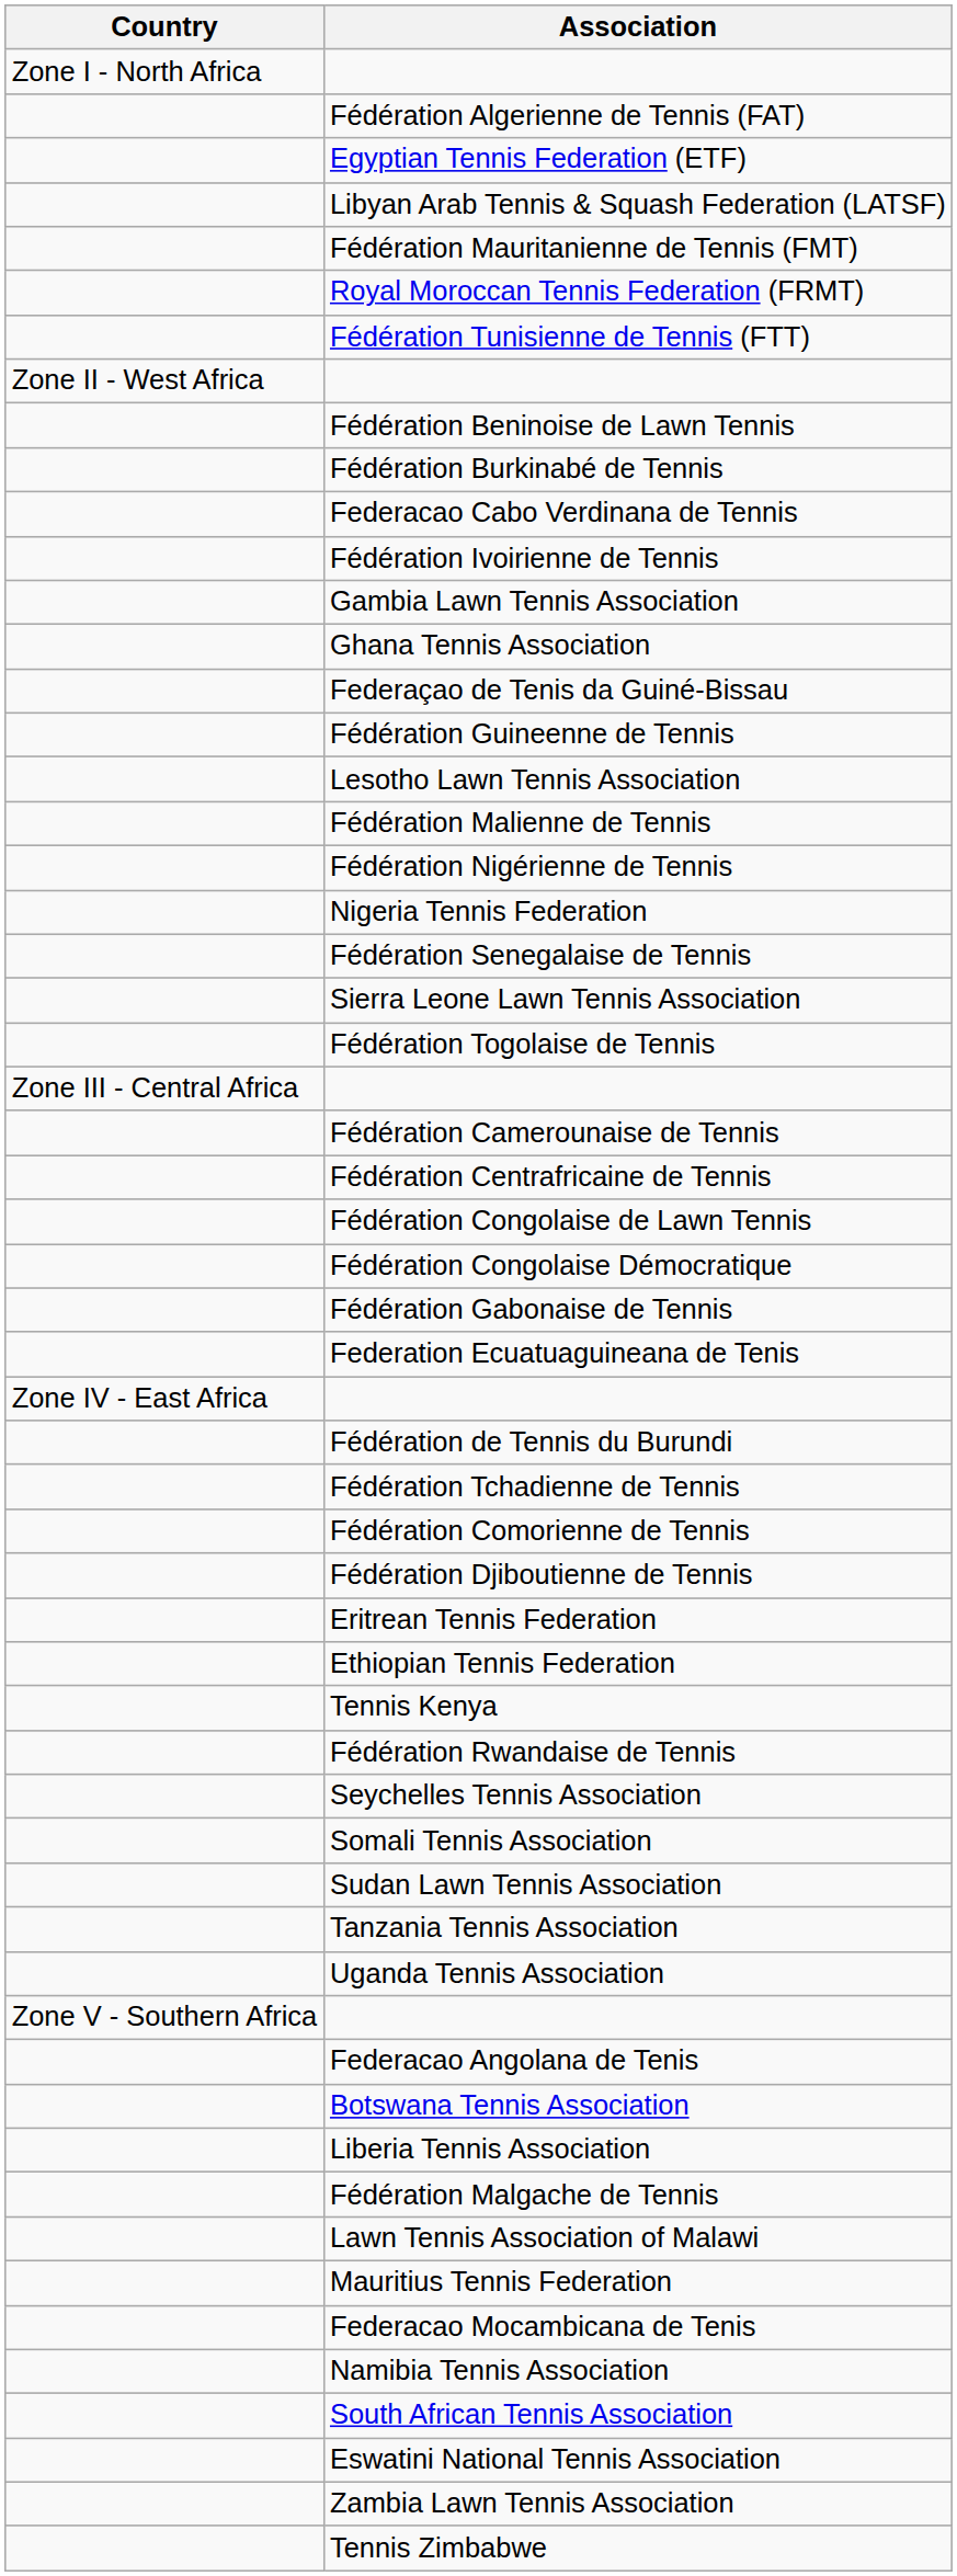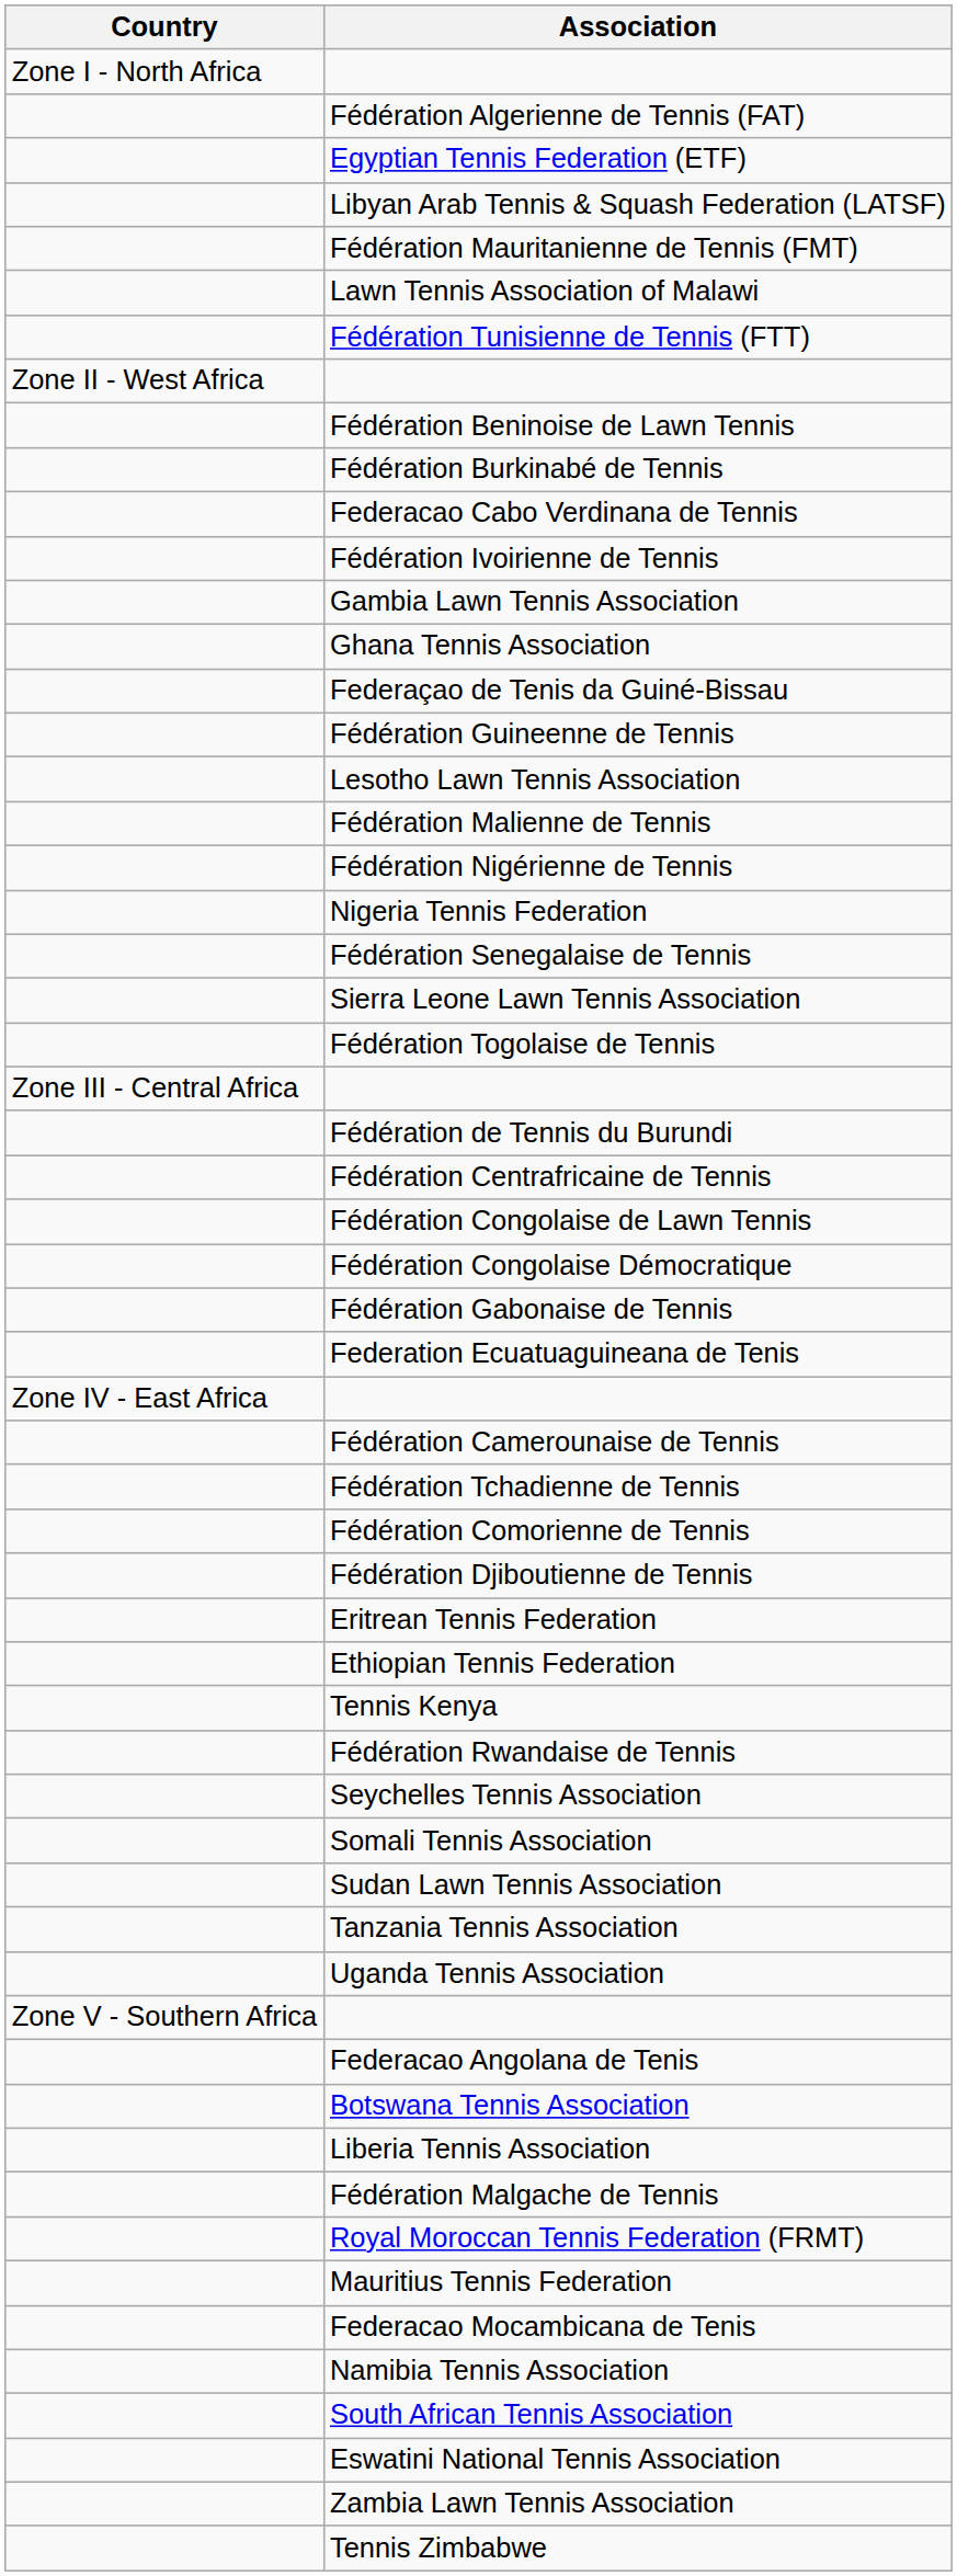 <table class="wikitable">
 <tr>
 <th>Country</th>
 <th>Association</th>
 </tr>
 <tr>
 <td>Zone I - North Africa</td>
 <td></td>
 </tr>
 <tr>
 <td></td>
 <td>Fédération Algerienne de Tennis (FAT)</td>
 </tr>
 <tr>
 <td></td>
 <td><a href='#'>Egyptian Tennis Federation</a> (ETF)</td>
 </tr>
 <tr>
 <td></td>
 <td>Libyan Arab Tennis & Squash Federation (LATSF)</td>
 </tr>
 <tr>
 <td></td>
 <td>Fédération Mauritanienne de Tennis (FMT)</td>
 </tr>
 <tr>
 <td></td>
-<td><a href='#'>Royal Moroccan Tennis Federation</a> (FRMT)</td>
+<td>Lawn Tennis Association of Malawi</td>
 </tr>
 <tr>
 <td></td>
 <td><a href='#'>Fédération Tunisienne de Tennis</a> (FTT)</td>
 </tr>
 <tr>
 <td>Zone II - West Africa</td>
 <td></td>
 </tr>
 <tr>
 <td></td>
 <td>Fédération Beninoise de Lawn Tennis</td>
 </tr>
 <tr>
 <td></td>
 <td>Fédération Burkinabé de Tennis</td>
 </tr>
 <tr>
 <td></td>
 <td>Federacao Cabo Verdinana de Tennis</td>
 </tr>
 <tr>
 <td></td>
 <td>Fédération Ivoirienne de Tennis</td>
 </tr>
 <tr>
 <td></td>
 <td>Gambia Lawn Tennis Association</td>
 </tr>
 <tr>
 <td></td>
 <td>Ghana Tennis Association</td>
 </tr>
 <tr>
 <td></td>
 <td>Federaçao de Tenis da Guiné-Bissau</td>
 </tr>
 <tr>
 <td></td>
 <td>Fédération Guineenne de Tennis</td>
 </tr>
 <tr>
 <td></td>
 <td>Lesotho Lawn Tennis Association</td>
 </tr>
 <tr>
 <td></td>
 <td>Fédération Malienne de Tennis</td>
 </tr>
 <tr>
 <td></td>
 <td>Fédération Nigérienne de Tennis</td>
 </tr>
 <tr>
 <td></td>
 <td>Nigeria Tennis Federation</td>
 </tr>
 <tr>
 <td></td>
 <td>Fédération Senegalaise de Tennis</td>
 </tr>
 <tr>
 <td></td>
 <td>Sierra Leone Lawn Tennis Association</td>
 </tr>
 <tr>
 <td></td>
 <td>Fédération Togolaise de Tennis</td>
 </tr>
 <tr>
 <td>Zone III - Central Africa</td>
 <td></td>
 </tr>
 <tr>
 <td></td>
-<td>Fédération Camerounaise de Tennis</td>
+<td>Fédération de Tennis du Burundi</td>
 </tr>
 <tr>
 <td></td>
 <td>Fédération Centrafricaine de Tennis</td>
 </tr>
 <tr>
 <td></td>
 <td>Fédération Congolaise de Lawn Tennis</td>
 </tr>
 <tr>
 <td></td>
 <td>Fédération Congolaise Démocratique</td>
 </tr>
 <tr>
 <td></td>
 <td>Fédération Gabonaise de Tennis</td>
 </tr>
 <tr>
 <td></td>
 <td>Federation Ecuatuaguineana de Tenis</td>
 </tr>
 <tr>
 <td>Zone IV - East Africa</td>
 <td></td>
 </tr>
 <tr>
 <td></td>
-<td>Fédération de Tennis du Burundi</td>
+<td>Fédération Camerounaise de Tennis</td>
 </tr>
 <tr>
 <td></td>
 <td>Fédération Tchadienne de Tennis</td>
 </tr>
 <tr>
 <td></td>
 <td>Fédération Comorienne de Tennis</td>
 </tr>
 <tr>
 <td></td>
 <td>Fédération Djiboutienne de Tennis</td>
 </tr>
 <tr>
 <td></td>
 <td>Eritrean Tennis Federation</td>
 </tr>
 <tr>
 <td></td>
 <td>Ethiopian Tennis Federation</td>
 </tr>
 <tr>
 <td></td>
 <td>Tennis Kenya</td>
 </tr>
 <tr>
 <td></td>
 <td>Fédération Rwandaise de Tennis</td>
 </tr>
 <tr>
 <td></td>
 <td>Seychelles Tennis Association</td>
 </tr>
 <tr>
 <td></td>
 <td>Somali Tennis Association</td>
 </tr>
 <tr>
 <td></td>
 <td>Sudan Lawn Tennis Association</td>
 </tr>
 <tr>
 <td></td>
 <td>Tanzania Tennis Association</td>
 </tr>
 <tr>
 <td></td>
 <td>Uganda Tennis Association</td>
 </tr>
 <tr>
 <td>Zone V - Southern Africa</td>
 <td></td>
 </tr>
 <tr>
 <td></td>
 <td>Federacao Angolana de Tenis</td>
 </tr>
 <tr>
 <td></td>
 <td><a href='#'>Botswana Tennis Association</a></td>
 </tr>
 <tr>
 <td></td>
 <td>Liberia Tennis Association</td>
 </tr>
 <tr>
 <td></td>
 <td>Fédération Malgache de Tennis</td>
 </tr>
 <tr>
 <td></td>
-<td>Lawn Tennis Association of Malawi</td>
+<td><a href='#'>Royal Moroccan Tennis Federation</a> (FRMT)</td>
 </tr>
 <tr>
 <td></td>
 <td>Mauritius Tennis Federation</td>
 </tr>
 <tr>
 <td></td>
 <td>Federacao Mocambicana de Tenis</td>
 </tr>
 <tr>
 <td></td>
 <td>Namibia Tennis Association</td>
 </tr>
 <tr>
 <td></td>
 <td><a href='#'>South African Tennis Association</a></td>
 </tr>
 <tr>
 <td></td>
 <td>Eswatini National Tennis Association</td>
 </tr>
 <tr>
 <td></td>
 <td>Zambia Lawn Tennis Association</td>
 </tr>
 <tr>
 <td></td>
 <td>Tennis Zimbabwe</td>
 </tr>
 </table>
